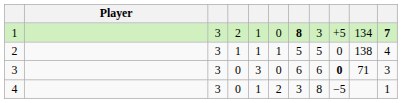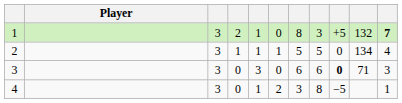 <table class="wikitable" style="text-align:center; margin: 1em auto 1em auto, align:left">
 <tr>
 <th width=20></th>
 <th width=240>Player</th>
 <th width=20></th>
 <th width=20></th>
 <th width=20></th>
 <th width=20></th>
 <th width=20></th>
 <th width=20></th>
 <th width=20></th>
 <th width=30></th>
 <th width=20></th>
 </tr>
 <tr style="background:#D0F0C0;">
 <td>1</td>
 <td align=left></td>
 <td>3</td>
 <td>2</td>
 <td>1</td>
 <td>0</td>
-<td><strong>8</strong></td>
+<td>8</td>
 <td>3</td>
 <td>+5</td>
-<td>134</td>
+<td>132</td>
 <td><strong>7</strong></td>
 </tr>
 <tr style=>
 <td>2</td>
 <td align=left></td>
 <td>3</td>
 <td>1</td>
 <td>1</td>
 <td>1</td>
 <td>5</td>
 <td>5</td>
 <td>0</td>
-<td>138</td>
+<td>134</td>
 <td>4</td>
 </tr>
 <tr style=>
 <td>3</td>
 <td align=left></td>
 <td>3</td>
 <td>0</td>
 <td>3</td>
 <td>0</td>
 <td>6</td>
 <td>6</td>
 <td><strong>0</strong></td>
 <td>71</td>
 <td>3</td>
 </tr>
 <tr style=>
 <td>4</td>
 <td align=left></td>
 <td>3</td>
 <td>0</td>
 <td>1</td>
 <td>2</td>
 <td>3</td>
 <td>8</td>
 <td>−5</td>
 <td></td>
 <td>1</td>
 </tr>
 </table>
